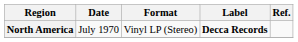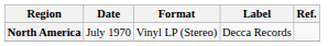 <table class="wikitable plainrowheaders">
 <tr>
 <th scope="col">Region</th>
 <th scope="col">Date</th>
 <th scope="col">Format</th>
 <th scope="col">Label</th>
 <th scope="col">Ref.</th>
 </tr>
 <tr>
 <th scope="row">North America</th>
 <td>July 1970</td>
 <td>Vinyl LP (Stereo)</td>
-<td><strong>Decca Records</strong></td>
+<td>Decca Records</td>
 <td></td>
 </tr>
 <tr>
 </tr>
 </table>
